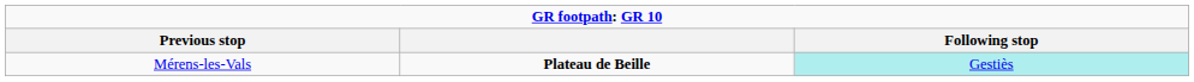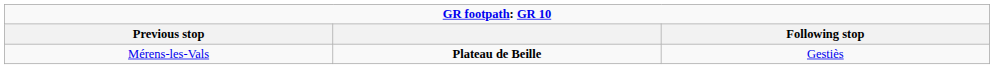 <table border="1" width=100% style="text-align: center;" class="wikitable">
 <tr>
 <td colspan="3" style="text-align: center;"><strong><a href='#'>GR footpath</a>: <a href='#'>GR 10</a></strong></td>
 </tr>
 <tr>
 <th width=33%>Previous stop</th>
 <th width=33%></th>
 <th width=33%>Following stop</th>
 </tr>
 <tr>
 <td><a href='#'>Mérens-les-Vals</a></td>
 <td><strong>Plateau de Beille</strong></td>
-<td style="background: paleturquoise;"><a href='#'>Gestiès</a></td>
+<td><a href='#'>Gestiès</a></td>
 </tr>
 </table>
